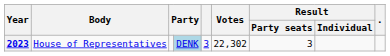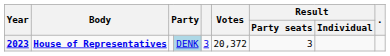 <table class="wikitable plainrowheaders sortable" border=2 cellpadding=4 cellspacing=0 style="border: 1px #aaa solid; font-size: 90%; text-align:center;">
 <tr>
 <th scope="col" rowspan=2>Year</th>
 <th scope="col" rowspan=2>Body</th>
 <th scope="col" colspan=2 rowspan=2>Party</th>
 <th scope="col" rowspan=2></th>
 <th scope="col" rowspan=2>Votes</th>
 <th scope="colgroup" colspan=2>Result</th>
 <th scope="col" rowspan=2 class="unsortable">.</th>
 </tr>
 <tr>
 <th scope="col">Party seats</th>
 <th scope="col">Individual</th>
 </tr>
 <tr>
 <th scope="row"><a href='#'>2023</a></th>
-<td><a href='#'>House of Representatives</a></td>
+<td><strong><a href='#'>House of Representatives</a></strong></td>
 <td style="background-color:"></td>
 <td style="background: lightblue;"><a href='#'>DENK</a></td>
 <td style=text-align:right><a href='#'>3</a></td>
-<td style=text-align:right>22,302</td>
+<td style=text-align:right>20,372</td>
 <td style=text-align:right>3</td>
 <td></td>
 <td></td>
 </tr>
 </table>
